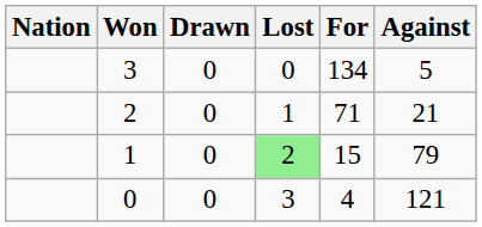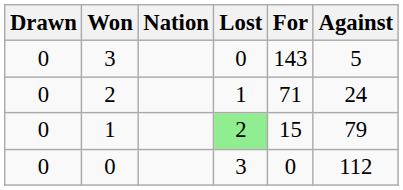 <table class="wikitable" style="text-align: center;">
 <tr>
+<th>Drawn</th>
+<th>Won</th>
 <th>Nation</th>
-<th>Won</th>
-<th>Drawn</th>
 <th>Lost</th>
 <th>For</th>
 <th>Against</th>
 </tr>
 <tr>
+<td>0</td>
+<td>3</td>
 <td align=left></td>
-<td>3</td>
 <td>0</td>
-<td>0</td>
-<td>134</td>
+<td>143</td>
 <td>5</td>
 </tr>
 <tr>
+<td>0</td>
+<td>2</td>
 <td align=left></td>
-<td>2</td>
+<td>1</td>
+<td>71</td>
+<td>24</td>
+</tr>
+<tr>
 <td>0</td>
 <td>1</td>
-<td>71</td>
-<td>21</td>
-</tr>
-<tr>
 <td align=left></td>
-<td>1</td>
-<td>0</td>
 <td style="background: lightgreen;">2</td>
 <td>15</td>
 <td>79</td>
 </tr>
 <tr>
-<td align=left></td>
 <td>0</td>
 <td>0</td>
+<td align=left></td>
 <td>3</td>
-<td>4</td>
-<td>121</td>
+<td>0</td>
+<td>112</td>
 </tr>
 </table>
